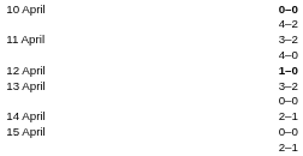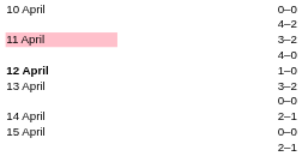 <table cellspacing=1 width=70%>
 <tr>
 <th width=25%></th>
 <th width=30%></th>
 <th width=15%></th>
 <th width=30%></th>
 </tr>
 <tr>
 <td>10 April</td>
 <td align=right></td>
-<td align=center><strong>0–0</strong></td>
+<td align=center>0–0</td>
 <td></td>
 </tr>
 <tr>
 <td></td>
 <td align=right></td>
 <td align=center>4–2</td>
 <td></td>
 </tr>
 <tr>
-<td>11 April</td>
+<td style="background: pink;">11 April</td>
 <td align=right></td>
 <td align=center>3–2</td>
 <td></td>
 </tr>
 <tr>
 <td></td>
 <td align=right></td>
 <td align=center>4–0</td>
 <td></td>
 </tr>
 <tr>
-<td>12 April</td>
+<td><strong>12 April</strong></td>
 <td align=right></td>
-<td align=center><strong>1–0</strong></td>
+<td align=center>1–0</td>
 <td></td>
 </tr>
 <tr>
 <td>13 April</td>
 <td align=right></td>
 <td align=center>3–2</td>
 <td></td>
 </tr>
 <tr>
 <td></td>
 <td align=right></td>
 <td align=center>0–0</td>
 <td></td>
 </tr>
 <tr>
 <td>14 April</td>
 <td align=right></td>
 <td align=center>2–1</td>
 <td></td>
 </tr>
 <tr>
 <td>15 April</td>
 <td align=right></td>
 <td align=center>0–0</td>
 <td></td>
 </tr>
 <tr>
 <td></td>
 <td align=right></td>
 <td align=center>2–1</td>
 <td></td>
 </tr>
 </table>
